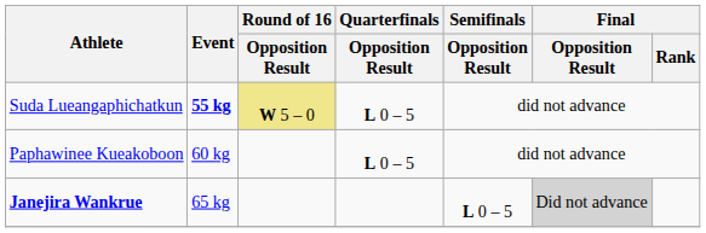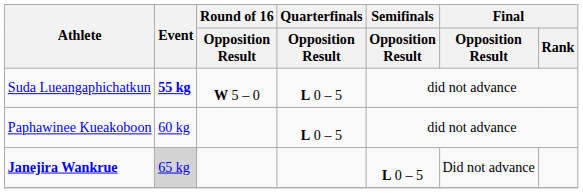 <table class="wikitable" border="1" style="font-size:90%">
 <tr>
 <th rowspan=2>Athlete</th>
 <th rowspan=2>Event</th>
 <th>Round of 16</th>
 <th>Quarterfinals</th>
 <th>Semifinals</th>
 <th colspan=2>Final</th>
 </tr>
 <tr>
 <th>Opposition<br>Result</th>
 <th>Opposition<br>Result</th>
 <th>Opposition<br>Result</th>
 <th>Opposition<br>Result</th>
 <th>Rank</th>
 </tr>
 <tr align=center>
 <td align=left><a href='#'>Suda Lueangaphichatkun</a></td>
 <td align=left><strong><a href='#'>55 kg</a></strong></td>
-<td style="background: khaki;"> <br> <strong>W</strong> 5 – 0</td>
+<td> <br> <strong>W</strong> 5 – 0</td>
 <td> <br> <strong>L</strong> 0 – 5</td>
 <td colspan=5>did not advance</td>
 </tr>
 <tr align=center>
 <td align=left><a href='#'>Paphawinee Kueakoboon</a></td>
 <td align=left><a href='#'>60 kg</a></td>
 <td></td>
 <td> <br> <strong>L</strong> 0 – 5</td>
 <td colspan=5>did not advance</td>
 </tr>
 <tr align=center>
 <td align=left><strong><a href='#'>Janejira Wankrue</a></strong></td>
-<td align=left><a href='#'>65 kg</a></td>
+<td align=left style="background: lightgrey;"><a href='#'>65 kg</a></td>
 <td></td>
 <td></td>
 <td> <br> <strong>L</strong> 0 – 5</td>
-<td style="background: lightgrey;">Did not advance</td>
+<td>Did not advance</td>
 <td></td>
 </tr>
 <tr align=center>
 </tr>
 </table>
